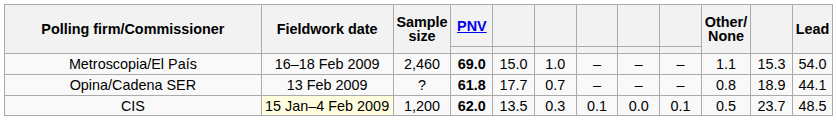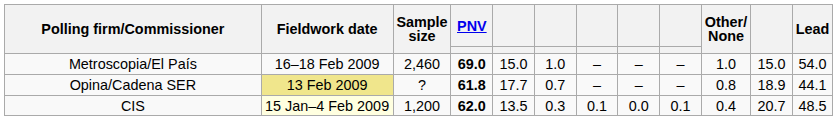 <table class="wikitable collapsible collapsed" style="text-align:center; font-size:90%; line-height:14px;">
 <tr style="height:42px;">
 <th style="width:250px;" rowspan="2">Polling firm/Commissioner</th>
 <th style="width:125px;" rowspan="2">Fieldwork date</th>
 <th style="width:50px;" rowspan="2">Sample size</th>
 <th style="width:35px;"><a href='#'>PNV</a></th>
 <th style="width:35px;"></th>
 <th style="width:35px;"></th>
 <th style="width:35px;"></th>
 <th style="width:35px;"></th>
 <th style="width:35px;"></th>
 <th style="width:35px;" rowspan="2">Other/<br>None</th>
 <th style="width:35px;" rowspan="2"></th>
 <th style="width:30px;" rowspan="2">Lead</th>
 </tr>
 <tr>
 <th style="color:inherit;background:"></th>
 <th style="color:inherit;background:"></th>
 <th style="color:inherit;background:"></th>
 <th style="color:inherit;background:"></th>
 <th style="color:inherit;background:"></th>
 <th style="color:inherit;background:"></th>
 </tr>
 <tr>
 <td>Metroscopia/El País</td>
 <td>16–18 Feb 2009</td>
 <td>2,460</td>
 <td><strong>69.0</strong></td>
 <td>15.0</td>
 <td>1.0</td>
 <td>–</td>
 <td>–</td>
 <td>–</td>
-<td>1.1</td>
-<td>15.3</td>
+<td>1.0</td>
+<td>15.0</td>
 <td style="background:">54.0</td>
 </tr>
 <tr>
 <td>Opina/Cadena SER</td>
-<td>13 Feb 2009</td>
+<td style="background: khaki;">13 Feb 2009</td>
 <td>?</td>
 <td><strong>61.8</strong></td>
 <td>17.7</td>
 <td>0.7</td>
 <td>–</td>
 <td>–</td>
 <td>–</td>
 <td>0.8</td>
 <td>18.9</td>
 <td style="background:">44.1</td>
 </tr>
 <tr>
 <td>CIS</td>
 <td style="background: lightyellow;">15 Jan–4 Feb 2009</td>
 <td>1,200</td>
 <td><strong>62.0</strong></td>
 <td>13.5</td>
 <td>0.3</td>
 <td>0.1</td>
 <td>0.0</td>
 <td>0.1</td>
-<td>0.5</td>
-<td>23.7</td>
+<td>0.4</td>
+<td>20.7</td>
 <td style="background:">48.5</td>
 </tr>
 </table>
